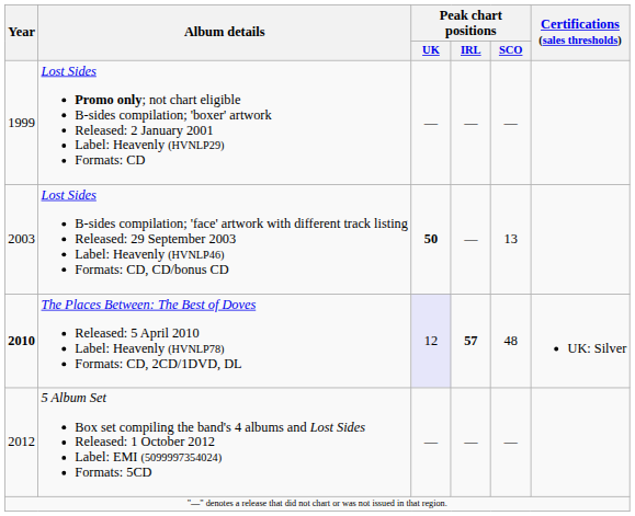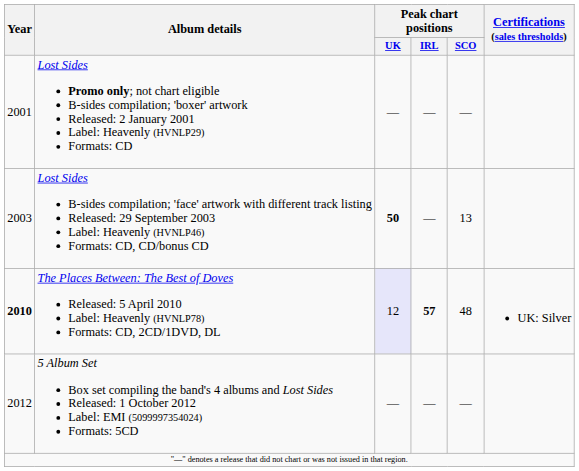 <table class="wikitable" border="1">
 <tr>
 <th rowspan="2">Year</th>
 <th rowspan="2">Album details</th>
 <th colspan="3">Peak chart positions</th>
 <th rowspan="2"><a href='#'>Certifications</a><br><small>(<a href='#'>sales thresholds</a>)</small></th>
 </tr>
 <tr>
 <th style="width:3em;font-size:85%"><a href='#'>UK</a><br></th>
 <th style="width:3em;font-size:85%"><a href='#'>IRL</a><br></th>
 <th style="width:3em;font-size:85%"><a href='#'>SCO</a><br></th>
 </tr>
 <tr>
-<td>1999</td>
+<td>2001</td>
 <td><em><a href='#'>Lost Sides</a></em><br><ul><li><strong>Promo only</strong>; not chart eligible</li><li>B-sides compilation; 'boxer' artwork</li><li>Released: 2 January 2001</li><li>Label: Heavenly <small>(HVNLP29)</small></li><li>Formats: CD</li></ul></td>
 <td align="center">—</td>
 <td align="center">—</td>
 <td align="center">—</td>
 <td></td>
 </tr>
 <tr>
 <td>2003</td>
 <td><em><a href='#'>Lost Sides</a></em><br><ul><li>B-sides compilation; 'face' artwork with different track listing</li><li>Released: 29 September 2003</li><li>Label: Heavenly <small>(HVNLP46)</small></li><li>Formats: CD, CD/bonus CD</li></ul></td>
 <td align="center"><strong>50</strong></td>
 <td align="center">—</td>
 <td align="center">13</td>
 <td></td>
 </tr>
 <tr>
 <td><strong>2010</strong></td>
 <td><em><a href='#'>The Places Between: The Best of Doves</a></em><br><ul><li>Released: 5 April 2010</li><li>Label: Heavenly <small>(HVNLP78)</small></li><li>Formats: CD, 2CD/1DVD, DL</li></ul></td>
 <td align="center" style="background: lavender;">12</td>
 <td align="center"><strong>57</strong></td>
 <td align="center">48</td>
 <td><br><ul><li>UK: Silver</li></ul></td>
 </tr>
 <tr>
 <td>2012</td>
 <td><em>5 Album Set</em><br><ul><li>Box set compiling the band's 4 albums and <em>Lost Sides</em></li><li>Released: 1 October 2012</li><li>Label: EMI <small>(5099997354024)</small></li><li>Formats: 5CD</li></ul></td>
 <td align="center">—</td>
 <td align="center">—</td>
 <td align="center">—</td>
 <td></td>
 </tr>
 <tr>
 <td align="center" colspan="18" style="font-size: 8pt">"—" denotes a release that did not chart or was not issued in that region.</td>
 </tr>
 </table>
